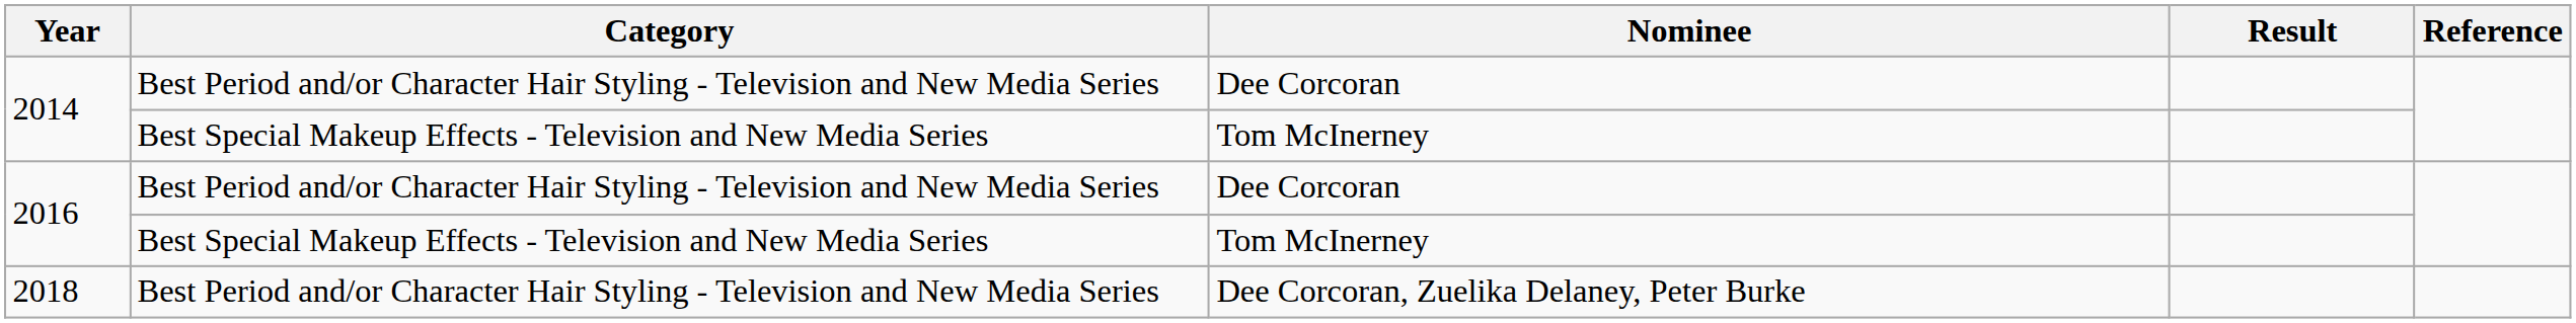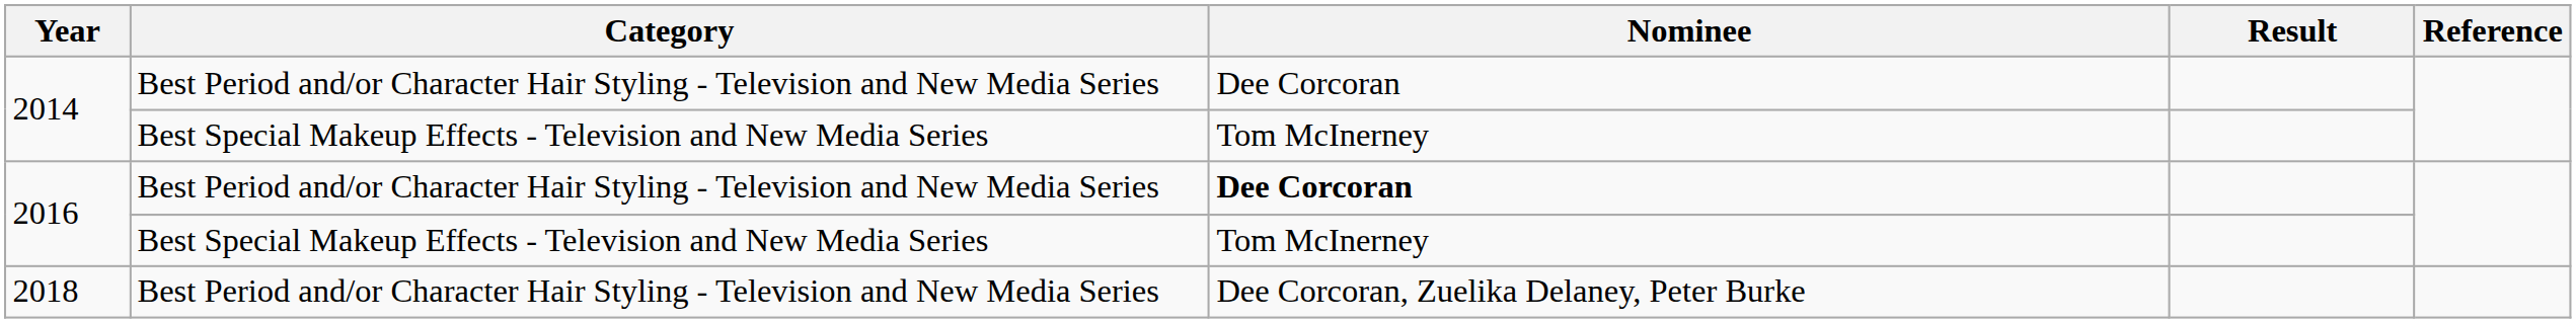 <table class="wikitable">
 <tr>
 <th width=5%>Year</th>
 <th width=45%>Category</th>
 <th width=40%>Nominee</th>
 <th width=10%>Result</th>
 <th width=5%>Reference</th>
 </tr>
 <tr>
 <td rowspan="2">2014</td>
 <td>Best Period and/or Character Hair Styling - Television and New Media Series</td>
 <td>Dee Corcoran</td>
 <td></td>
 <td rowspan="2"></td>
 </tr>
 <tr>
 <td>Best Special Makeup Effects - Television and New Media Series</td>
 <td>Tom McInerney</td>
 <td></td>
 </tr>
 <tr>
 <td rowspan="2">2016</td>
 <td>Best Period and/or Character Hair Styling - Television and New Media Series</td>
-<td>Dee Corcoran</td>
+<td><strong>Dee Corcoran</strong></td>
 <td></td>
 <td rowspan="2"></td>
 </tr>
 <tr>
 <td>Best Special Makeup Effects - Television and New Media Series</td>
 <td>Tom McInerney</td>
 <td></td>
 </tr>
 <tr>
 <td>2018</td>
 <td>Best Period and/or Character Hair Styling - Television and New Media Series</td>
 <td>Dee Corcoran, Zuelika Delaney, Peter Burke</td>
 <td></td>
 <td></td>
 </tr>
 </table>
